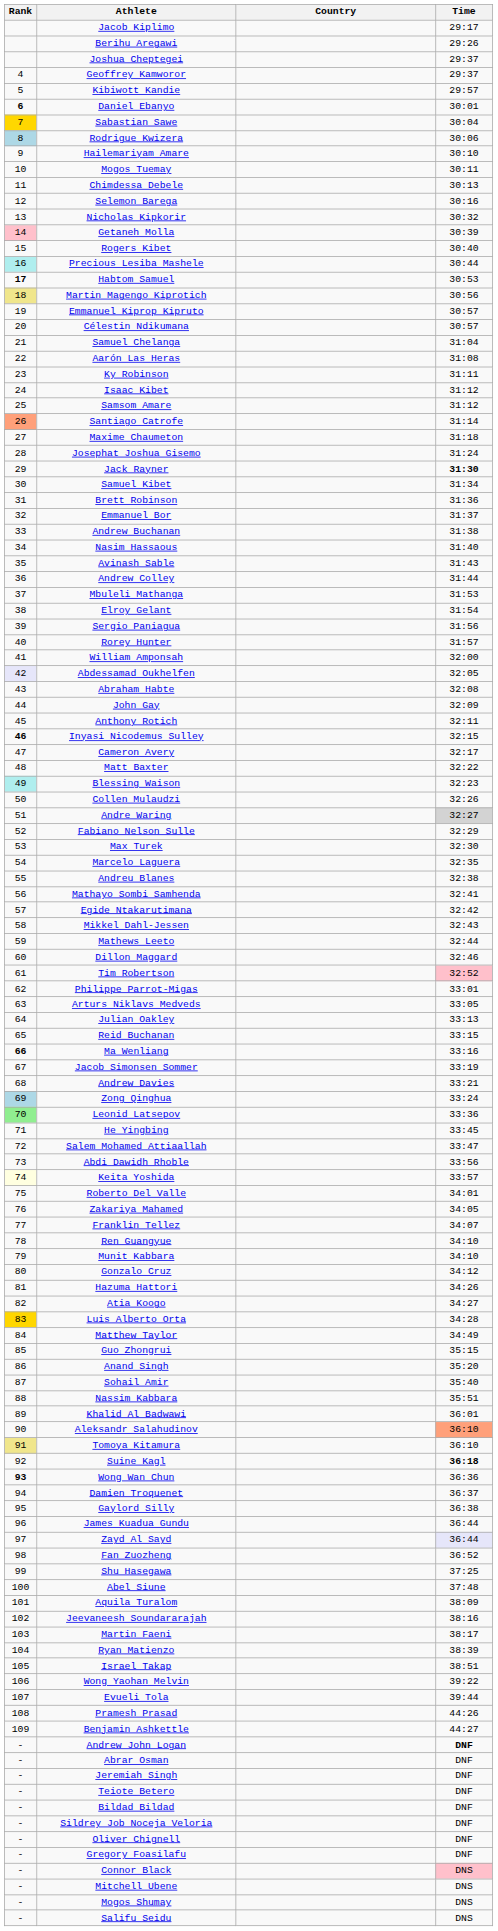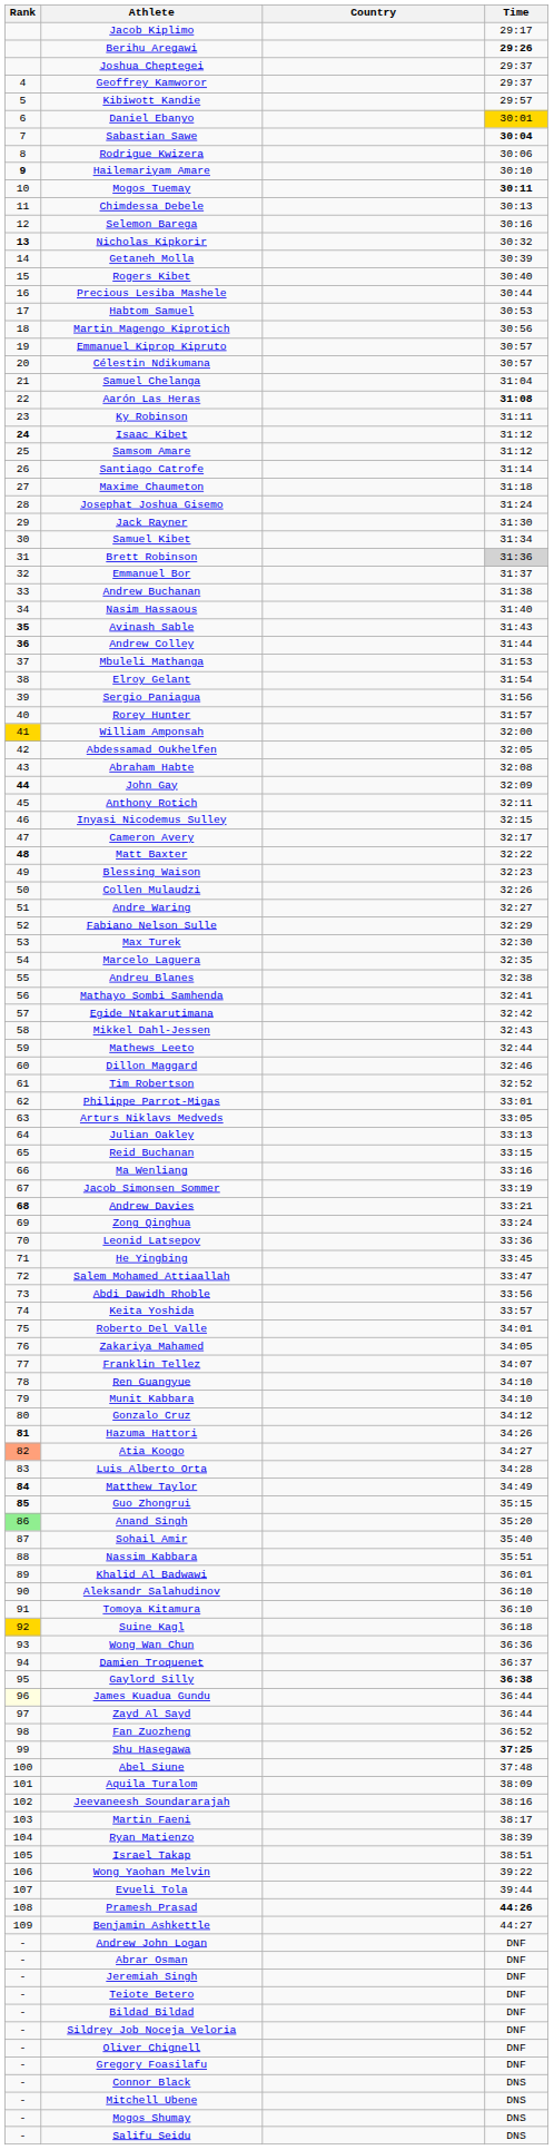 <table class="wikitable sortable" style=" text-align:center; font-size:95%;" width="70%">
 <tr>
 <th width="5%">Rank</th>
 <th width="35%">Athlete</th>
 <th width="35%">Country</th>
 <th width="10%">Time</th>
 </tr>
 <tr>
 <td align=center></td>
 <td><a href='#'>Jacob Kiplimo</a></td>
 <td></td>
 <td>29:17</td>
 </tr>
 <tr>
 <td align=center></td>
 <td><a href='#'>Berihu Aregawi</a></td>
 <td></td>
-<td>29:26</td>
+<td><strong>29:26</strong></td>
 </tr>
 <tr>
 <td align=center></td>
 <td><a href='#'>Joshua Cheptegei</a></td>
 <td></td>
 <td>29:37</td>
 </tr>
 <tr>
 <td>4</td>
 <td><a href='#'>Geoffrey Kamworor</a></td>
 <td></td>
 <td>29:37</td>
 </tr>
 <tr>
 <td>5</td>
 <td><a href='#'>Kibiwott Kandie</a></td>
 <td></td>
 <td>29:57</td>
 </tr>
 <tr>
-<td><strong>6</strong></td>
+<td>6</td>
 <td><a href='#'>Daniel Ebanyo</a></td>
 <td></td>
-<td>30:01</td>
+<td style="background: gold;">30:01</td>
 </tr>
 <tr>
-<td style="background: gold;">7</td>
+<td>7</td>
 <td><a href='#'>Sabastian Sawe</a></td>
 <td></td>
-<td>30:04</td>
+<td><strong>30:04</strong></td>
 </tr>
 <tr>
-<td style="background: lightblue;">8</td>
+<td>8</td>
 <td><a href='#'>Rodrigue Kwizera</a></td>
 <td></td>
 <td>30:06</td>
 </tr>
 <tr>
-<td>9</td>
+<td><strong>9</strong></td>
 <td><a href='#'>Hailemariyam Amare</a></td>
 <td></td>
 <td>30:10</td>
 </tr>
 <tr>
 <td>10</td>
 <td><a href='#'>Mogos Tuemay</a></td>
 <td></td>
-<td>30:11</td>
+<td><strong>30:11</strong></td>
 </tr>
 <tr>
 <td>11</td>
 <td><a href='#'>Chimdessa Debele</a></td>
 <td></td>
 <td>30:13</td>
 </tr>
 <tr>
 <td>12</td>
 <td><a href='#'>Selemon Barega</a></td>
 <td></td>
 <td>30:16</td>
 </tr>
 <tr>
-<td>13</td>
+<td><strong>13</strong></td>
 <td><a href='#'>Nicholas Kipkorir</a></td>
 <td></td>
 <td>30:32</td>
 </tr>
 <tr>
-<td style="background: pink;">14</td>
+<td>14</td>
 <td><a href='#'>Getaneh Molla</a></td>
 <td></td>
 <td>30:39</td>
 </tr>
 <tr>
 <td>15</td>
 <td><a href='#'>Rogers Kibet</a></td>
 <td></td>
 <td>30:40</td>
 </tr>
 <tr>
-<td style="background: paleturquoise;">16</td>
+<td>16</td>
 <td><a href='#'>Precious Lesiba Mashele</a></td>
 <td></td>
 <td>30:44</td>
 </tr>
 <tr>
-<td><strong>17</strong></td>
+<td>17</td>
 <td><a href='#'>Habtom Samuel</a></td>
 <td></td>
 <td>30:53</td>
 </tr>
 <tr>
-<td style="background: khaki;">18</td>
+<td>18</td>
 <td><a href='#'>Martin Magengo Kiprotich</a></td>
 <td></td>
 <td>30:56</td>
 </tr>
 <tr>
 <td>19</td>
 <td><a href='#'>Emmanuel Kiprop Kipruto</a></td>
 <td></td>
 <td>30:57</td>
 </tr>
 <tr>
 <td>20</td>
 <td><a href='#'>Célestin Ndikumana</a></td>
 <td></td>
 <td>30:57</td>
 </tr>
 <tr>
 <td>21</td>
 <td><a href='#'>Samuel Chelanga</a></td>
 <td></td>
 <td>31:04</td>
 </tr>
 <tr>
 <td>22</td>
 <td><a href='#'>Aarón Las Heras</a></td>
 <td></td>
-<td>31:08</td>
+<td><strong>31:08</strong></td>
 </tr>
 <tr>
 <td>23</td>
 <td><a href='#'>Ky Robinson</a></td>
 <td></td>
 <td>31:11</td>
 </tr>
 <tr>
-<td>24</td>
+<td><strong>24</strong></td>
 <td><a href='#'>Isaac Kibet</a></td>
 <td></td>
 <td>31:12</td>
 </tr>
 <tr>
 <td>25</td>
 <td><a href='#'>Samsom Amare</a></td>
 <td></td>
 <td>31:12</td>
 </tr>
 <tr>
-<td style="background: lightsalmon;">26</td>
+<td>26</td>
 <td><a href='#'>Santiago Catrofe</a></td>
 <td></td>
 <td>31:14</td>
 </tr>
 <tr>
 <td>27</td>
 <td><a href='#'>Maxime Chaumeton</a></td>
 <td></td>
 <td>31:18</td>
 </tr>
 <tr>
 <td>28</td>
 <td><a href='#'>Josephat Joshua Gisemo</a></td>
 <td></td>
 <td>31:24</td>
 </tr>
 <tr>
 <td>29</td>
 <td><a href='#'>Jack Rayner</a></td>
 <td></td>
-<td><strong>31:30</strong></td>
+<td>31:30</td>
 </tr>
 <tr>
 <td>30</td>
 <td><a href='#'>Samuel Kibet</a></td>
 <td></td>
 <td>31:34</td>
 </tr>
 <tr>
 <td>31</td>
 <td><a href='#'>Brett Robinson</a></td>
 <td></td>
-<td>31:36</td>
+<td style="background: lightgrey;">31:36</td>
 </tr>
 <tr>
 <td>32</td>
 <td><a href='#'>Emmanuel Bor</a></td>
 <td></td>
 <td>31:37</td>
 </tr>
 <tr>
 <td>33</td>
 <td><a href='#'>Andrew Buchanan</a></td>
 <td></td>
 <td>31:38</td>
 </tr>
 <tr>
 <td>34</td>
 <td><a href='#'>Nasim Hassaous</a></td>
 <td></td>
 <td>31:40</td>
 </tr>
 <tr>
-<td>35</td>
+<td><strong>35</strong></td>
 <td><a href='#'>Avinash Sable</a></td>
 <td></td>
 <td>31:43</td>
 </tr>
 <tr>
-<td>36</td>
+<td><strong>36</strong></td>
 <td><a href='#'>Andrew Colley</a></td>
 <td></td>
 <td>31:44</td>
 </tr>
 <tr>
 <td>37</td>
 <td><a href='#'>Mbuleli Mathanga</a></td>
 <td></td>
 <td>31:53</td>
 </tr>
 <tr>
 <td>38</td>
 <td><a href='#'>Elroy Gelant</a></td>
 <td></td>
 <td>31:54</td>
 </tr>
 <tr>
 <td>39</td>
 <td><a href='#'>Sergio Paniagua</a></td>
 <td></td>
 <td>31:56</td>
 </tr>
 <tr>
 <td>40</td>
 <td><a href='#'>Rorey Hunter</a></td>
 <td></td>
 <td>31:57</td>
 </tr>
 <tr>
-<td>41</td>
+<td style="background: gold;">41</td>
 <td><a href='#'>William Amponsah</a></td>
 <td></td>
 <td>32:00</td>
 </tr>
 <tr>
-<td style="background: lavender;">42</td>
+<td>42</td>
 <td><a href='#'>Abdessamad Oukhelfen</a></td>
 <td></td>
 <td>32:05</td>
 </tr>
 <tr>
 <td>43</td>
 <td><a href='#'>Abraham Habte</a></td>
 <td></td>
 <td>32:08</td>
 </tr>
 <tr>
-<td>44</td>
+<td><strong>44</strong></td>
 <td><a href='#'>John Gay</a></td>
 <td></td>
 <td>32:09</td>
 </tr>
 <tr>
 <td>45</td>
 <td><a href='#'>Anthony Rotich</a></td>
 <td></td>
 <td>32:11</td>
 </tr>
 <tr>
-<td><strong>46</strong></td>
+<td>46</td>
 <td><a href='#'>Inyasi Nicodemus Sulley</a></td>
 <td></td>
 <td>32:15</td>
 </tr>
 <tr>
 <td>47</td>
 <td><a href='#'>Cameron Avery</a></td>
 <td></td>
 <td>32:17</td>
 </tr>
 <tr>
-<td>48</td>
+<td><strong>48</strong></td>
 <td><a href='#'>Matt Baxter</a></td>
 <td></td>
 <td>32:22</td>
 </tr>
 <tr>
-<td style="background: paleturquoise;">49</td>
+<td>49</td>
 <td><a href='#'>Blessing Waison</a></td>
 <td></td>
 <td>32:23</td>
 </tr>
 <tr>
 <td>50</td>
 <td><a href='#'>Collen Mulaudzi</a></td>
 <td></td>
 <td>32:26</td>
 </tr>
 <tr>
 <td>51</td>
 <td><a href='#'>Andre Waring</a></td>
 <td></td>
-<td style="background: lightgrey;">32:27</td>
+<td>32:27</td>
 </tr>
 <tr>
 <td>52</td>
 <td><a href='#'>Fabiano Nelson Sulle</a></td>
 <td></td>
 <td>32:29</td>
 </tr>
 <tr>
 <td>53</td>
 <td><a href='#'>Max Turek</a></td>
 <td></td>
 <td>32:30</td>
 </tr>
 <tr>
 <td>54</td>
 <td><a href='#'>Marcelo Laguera</a></td>
 <td></td>
 <td>32:35</td>
 </tr>
 <tr>
 <td>55</td>
 <td><a href='#'>Andreu Blanes</a></td>
 <td></td>
 <td>32:38</td>
 </tr>
 <tr>
 <td>56</td>
 <td><a href='#'>Mathayo Sombi Samhenda</a></td>
 <td></td>
 <td>32:41</td>
 </tr>
 <tr>
 <td>57</td>
 <td><a href='#'>Egide Ntakarutimana</a></td>
 <td></td>
 <td>32:42</td>
 </tr>
 <tr>
 <td>58</td>
 <td><a href='#'>Mikkel Dahl-Jessen</a></td>
 <td></td>
 <td>32:43</td>
 </tr>
 <tr>
 <td>59</td>
 <td><a href='#'>Mathews Leeto</a></td>
 <td></td>
 <td>32:44</td>
 </tr>
 <tr>
 <td>60</td>
 <td><a href='#'>Dillon Maggard</a></td>
 <td></td>
 <td>32:46</td>
 </tr>
 <tr>
 <td>61</td>
 <td><a href='#'>Tim Robertson</a></td>
 <td></td>
-<td style="background: pink;">32:52</td>
+<td>32:52</td>
 </tr>
 <tr>
 <td>62</td>
 <td><a href='#'>Philippe Parrot-Migas</a></td>
 <td></td>
 <td>33:01</td>
 </tr>
 <tr>
 <td>63</td>
 <td><a href='#'>Arturs Niklavs Medveds</a></td>
 <td></td>
 <td>33:05</td>
 </tr>
 <tr>
 <td>64</td>
 <td><a href='#'>Julian Oakley</a></td>
 <td></td>
 <td>33:13</td>
 </tr>
 <tr>
 <td>65</td>
 <td><a href='#'>Reid Buchanan</a></td>
 <td></td>
 <td>33:15</td>
 </tr>
 <tr>
-<td><strong>66</strong></td>
+<td>66</td>
 <td><a href='#'>Ma Wenliang</a></td>
 <td></td>
 <td>33:16</td>
 </tr>
 <tr>
 <td>67</td>
 <td><a href='#'>Jacob Simonsen Sommer</a></td>
 <td></td>
 <td>33:19</td>
 </tr>
 <tr>
-<td>68</td>
+<td><strong>68</strong></td>
 <td><a href='#'>Andrew Davies</a></td>
 <td></td>
 <td>33:21</td>
 </tr>
 <tr>
-<td style="background: lightblue;">69</td>
+<td>69</td>
 <td><a href='#'>Zong Qinghua</a></td>
 <td></td>
 <td>33:24</td>
 </tr>
 <tr>
-<td style="background: lightgreen;">70</td>
+<td>70</td>
 <td><a href='#'>Leonid Latsepov</a></td>
 <td></td>
 <td>33:36</td>
 </tr>
 <tr>
 <td>71</td>
 <td><a href='#'>He Yingbing</a></td>
 <td></td>
 <td>33:45</td>
 </tr>
 <tr>
 <td>72</td>
 <td><a href='#'>Salem Mohamed Attiaallah</a></td>
 <td></td>
 <td>33:47</td>
 </tr>
 <tr>
 <td>73</td>
 <td><a href='#'>Abdi Dawidh Rhoble</a></td>
 <td></td>
 <td>33:56</td>
 </tr>
 <tr>
-<td style="background: lightyellow;">74</td>
+<td>74</td>
 <td><a href='#'>Keita Yoshida</a></td>
 <td></td>
 <td>33:57</td>
 </tr>
 <tr>
 <td>75</td>
 <td><a href='#'>Roberto Del Valle</a></td>
 <td></td>
 <td>34:01</td>
 </tr>
 <tr>
 <td>76</td>
 <td><a href='#'>Zakariya Mahamed</a></td>
 <td></td>
 <td>34:05</td>
 </tr>
 <tr>
 <td>77</td>
 <td><a href='#'>Franklin Tellez</a></td>
 <td></td>
 <td>34:07</td>
 </tr>
 <tr>
 <td>78</td>
 <td><a href='#'>Ren Guangyue</a></td>
 <td></td>
 <td>34:10</td>
 </tr>
 <tr>
 <td>79</td>
 <td><a href='#'>Munit Kabbara</a></td>
 <td></td>
 <td>34:10</td>
 </tr>
 <tr>
 <td>80</td>
 <td><a href='#'>Gonzalo Cruz</a></td>
 <td></td>
 <td>34:12</td>
 </tr>
 <tr>
-<td>81</td>
+<td><strong>81</strong></td>
 <td><a href='#'>Hazuma Hattori</a></td>
 <td></td>
 <td>34:26</td>
 </tr>
 <tr>
-<td>82</td>
+<td style="background: lightsalmon;">82</td>
 <td><a href='#'>Atia Koogo</a></td>
 <td></td>
 <td>34:27</td>
 </tr>
 <tr>
-<td style="background: gold;">83</td>
+<td>83</td>
 <td><a href='#'>Luis Alberto Orta</a></td>
 <td></td>
 <td>34:28</td>
 </tr>
 <tr>
-<td>84</td>
+<td><strong>84</strong></td>
 <td><a href='#'>Matthew Taylor</a></td>
 <td></td>
 <td>34:49</td>
 </tr>
 <tr>
-<td>85</td>
+<td><strong>85</strong></td>
 <td><a href='#'>Guo Zhongrui</a></td>
 <td></td>
 <td>35:15</td>
 </tr>
 <tr>
-<td>86</td>
+<td style="background: lightgreen;">86</td>
 <td><a href='#'>Anand Singh</a></td>
 <td></td>
 <td>35:20</td>
 </tr>
 <tr>
 <td>87</td>
 <td><a href='#'>Sohail Amir</a></td>
 <td></td>
 <td>35:40</td>
 </tr>
 <tr>
 <td>88</td>
 <td><a href='#'>Nassim Kabbara</a></td>
 <td></td>
 <td>35:51</td>
 </tr>
 <tr>
 <td>89</td>
 <td><a href='#'>Khalid Al Badwawi</a></td>
 <td></td>
 <td>36:01</td>
 </tr>
 <tr>
 <td>90</td>
 <td><a href='#'>Aleksandr Salahudinov</a></td>
 <td></td>
-<td style="background: lightsalmon;">36:10</td>
+<td>36:10</td>
 </tr>
 <tr>
-<td style="background: khaki;">91</td>
+<td>91</td>
 <td><a href='#'>Tomoya Kitamura</a></td>
 <td></td>
 <td>36:10</td>
 </tr>
 <tr>
-<td>92</td>
+<td style="background: gold;">92</td>
 <td><a href='#'>Suine Kagl</a></td>
 <td></td>
-<td><strong>36:18</strong></td>
+<td>36:18</td>
 </tr>
 <tr>
-<td><strong>93</strong></td>
+<td>93</td>
 <td><a href='#'>Wong Wan Chun</a></td>
 <td></td>
 <td>36:36</td>
 </tr>
 <tr>
 <td>94</td>
 <td><a href='#'>Damien Troquenet</a></td>
 <td></td>
 <td>36:37</td>
 </tr>
 <tr>
 <td>95</td>
 <td><a href='#'>Gaylord Silly</a></td>
 <td></td>
-<td>36:38</td>
+<td><strong>36:38</strong></td>
 </tr>
 <tr>
-<td>96</td>
+<td style="background: lightyellow;">96</td>
 <td><a href='#'>James Kuadua Gundu</a></td>
 <td></td>
 <td>36:44</td>
 </tr>
 <tr>
 <td>97</td>
 <td><a href='#'>Zayd Al Sayd</a></td>
 <td></td>
-<td style="background: lavender;">36:44</td>
+<td>36:44</td>
 </tr>
 <tr>
 <td>98</td>
 <td><a href='#'>Fan Zuozheng</a></td>
 <td></td>
 <td>36:52</td>
 </tr>
 <tr>
 <td>99</td>
 <td><a href='#'>Shu Hasegawa</a></td>
 <td></td>
-<td>37:25</td>
+<td><strong>37:25</strong></td>
 </tr>
 <tr>
 <td>100</td>
 <td><a href='#'>Abel Siune</a></td>
 <td></td>
 <td>37:48</td>
 </tr>
 <tr>
 <td>101</td>
 <td><a href='#'>Aquila Turalom</a></td>
 <td></td>
 <td>38:09</td>
 </tr>
 <tr>
 <td>102</td>
 <td><a href='#'>Jeevaneesh Soundararajah</a></td>
 <td></td>
 <td>38:16</td>
 </tr>
 <tr>
 <td>103</td>
 <td><a href='#'>Martin Faeni</a></td>
 <td></td>
 <td>38:17</td>
 </tr>
 <tr>
 <td>104</td>
 <td><a href='#'>Ryan Matienzo</a></td>
 <td></td>
 <td>38:39</td>
 </tr>
 <tr>
 <td>105</td>
 <td><a href='#'>Israel Takap</a></td>
 <td></td>
 <td>38:51</td>
 </tr>
 <tr>
 <td>106</td>
 <td><a href='#'>Wong Yaohan Melvin</a></td>
 <td></td>
 <td>39:22</td>
 </tr>
 <tr>
 <td>107</td>
 <td><a href='#'>Evueli Tola</a></td>
 <td></td>
 <td>39:44</td>
 </tr>
 <tr>
 <td>108</td>
 <td><a href='#'>Pramesh Prasad</a></td>
 <td></td>
-<td>44:26</td>
+<td><strong>44:26</strong></td>
 </tr>
 <tr>
 <td>109</td>
 <td><a href='#'>Benjamin Ashkettle</a></td>
 <td></td>
 <td>44:27</td>
 </tr>
 <tr>
 <td>-</td>
 <td><a href='#'>Andrew John Logan</a></td>
 <td></td>
-<td><strong>DNF</strong></td>
+<td>DNF</td>
 </tr>
 <tr>
 <td>-</td>
 <td><a href='#'>Abrar Osman</a></td>
 <td></td>
 <td>DNF</td>
 </tr>
 <tr>
 <td>-</td>
 <td><a href='#'>Jeremiah Singh</a></td>
 <td></td>
 <td>DNF</td>
 </tr>
 <tr>
 <td>-</td>
 <td><a href='#'>Teiote Betero</a></td>
 <td></td>
 <td>DNF</td>
 </tr>
 <tr>
 <td>-</td>
 <td><a href='#'>Bildad Bildad</a></td>
 <td></td>
 <td>DNF</td>
 </tr>
 <tr>
 <td>-</td>
 <td><a href='#'>Sildrey Job Noceja Veloria</a></td>
 <td></td>
 <td>DNF</td>
 </tr>
 <tr>
 <td>-</td>
 <td><a href='#'>Oliver Chignell</a></td>
 <td></td>
 <td>DNF</td>
 </tr>
 <tr>
 <td>-</td>
 <td><a href='#'>Gregory Foasilafu</a></td>
 <td></td>
 <td>DNF</td>
 </tr>
 <tr>
 <td>-</td>
 <td><a href='#'>Connor Black</a></td>
 <td></td>
-<td style="background: pink;">DNS</td>
+<td>DNS</td>
 </tr>
 <tr>
 <td>-</td>
 <td><a href='#'>Mitchell Ubene</a></td>
 <td></td>
 <td>DNS</td>
 </tr>
 <tr>
 <td>-</td>
 <td><a href='#'>Mogos Shumay</a></td>
 <td></td>
 <td>DNS</td>
 </tr>
 <tr>
 <td>-</td>
 <td><a href='#'>Salifu Seidu</a></td>
 <td></td>
 <td>DNS</td>
 </tr>
 </table>
